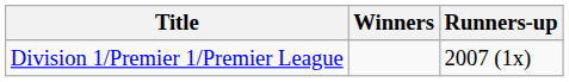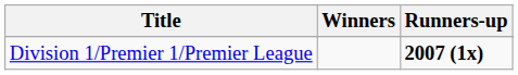 <table class="wikitable">
 <tr>
 <th Align=Left>Title</th>
 <th Align=Left>Winners</th>
 <th Align=Left>Runners-up</th>
 </tr>
 <tr>
 </tr>
 <tr>
 </tr>
 <tr>
 <td VAlign=Top><a href='#'>Division 1/Premier 1/Premier League</a></td>
 <td VAlign=Top></td>
-<td VAlign=Top>2007 (1x)</td>
+<td VAlign=Top><strong>2007 (1x)</strong></td>
 </tr>
 </table>
